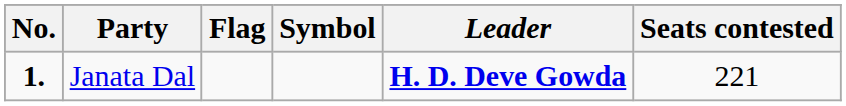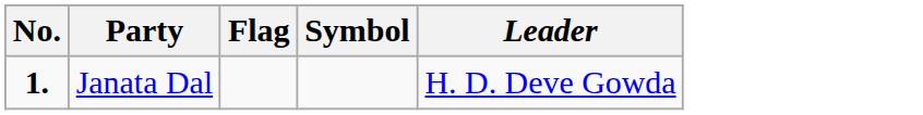 <table class="wikitable">
 <tr>
 <th>No.</th>
 <th>Party</th>
 <th><strong>Flag</strong></th>
 <th>Symbol</th>
 <th><em>Leader</em></th>
-<th>Seats contested</th>
 </tr>
 <tr>
 <td ! style="text-align:center; background:"><strong>1.</strong></td>
 <td style="text-align:center"><a href='#'>Janata Dal</a></td>
 <td></td>
 <td></td>
-<td style="text-align:center"><strong><a href='#'>H. D. Deve Gowda</a></strong></td>
-<td style="text-align:center">221</td>
+<td style="text-align:center"><a href='#'>H. D. Deve Gowda</a></td>
 </tr>
 </table>
